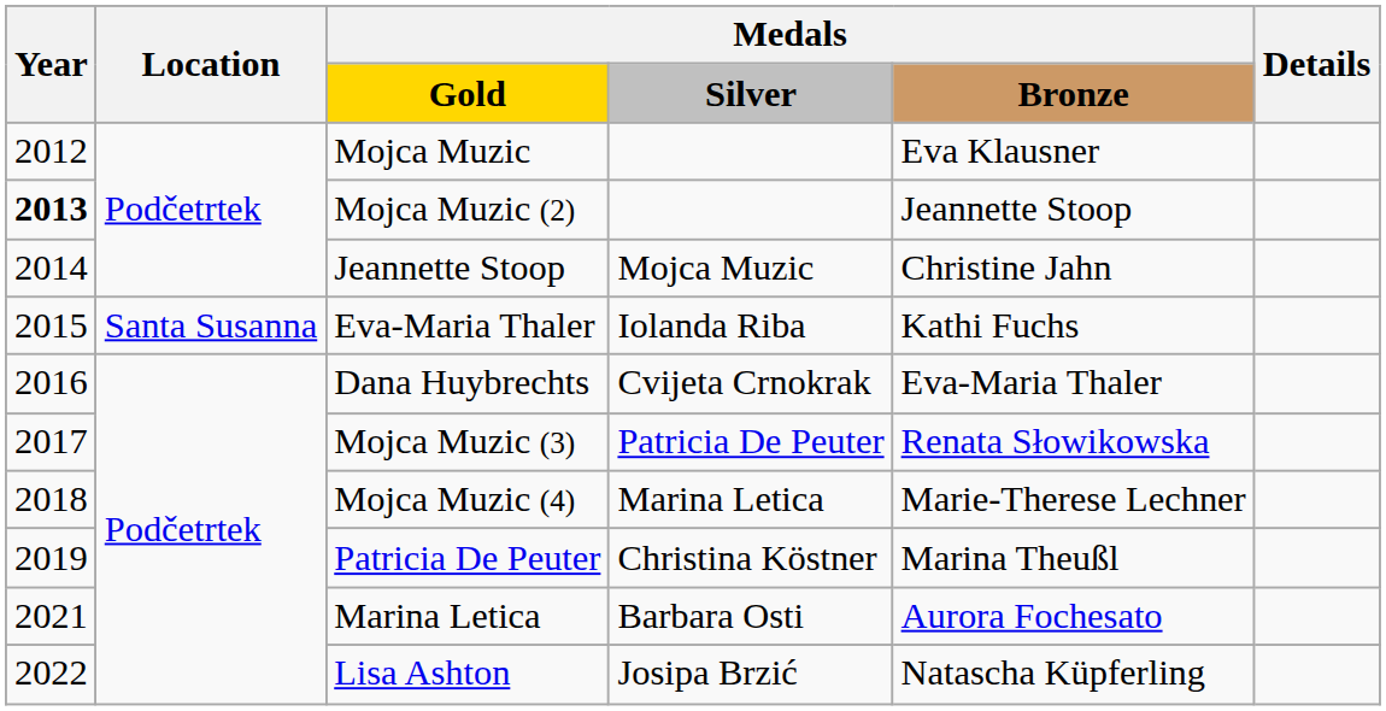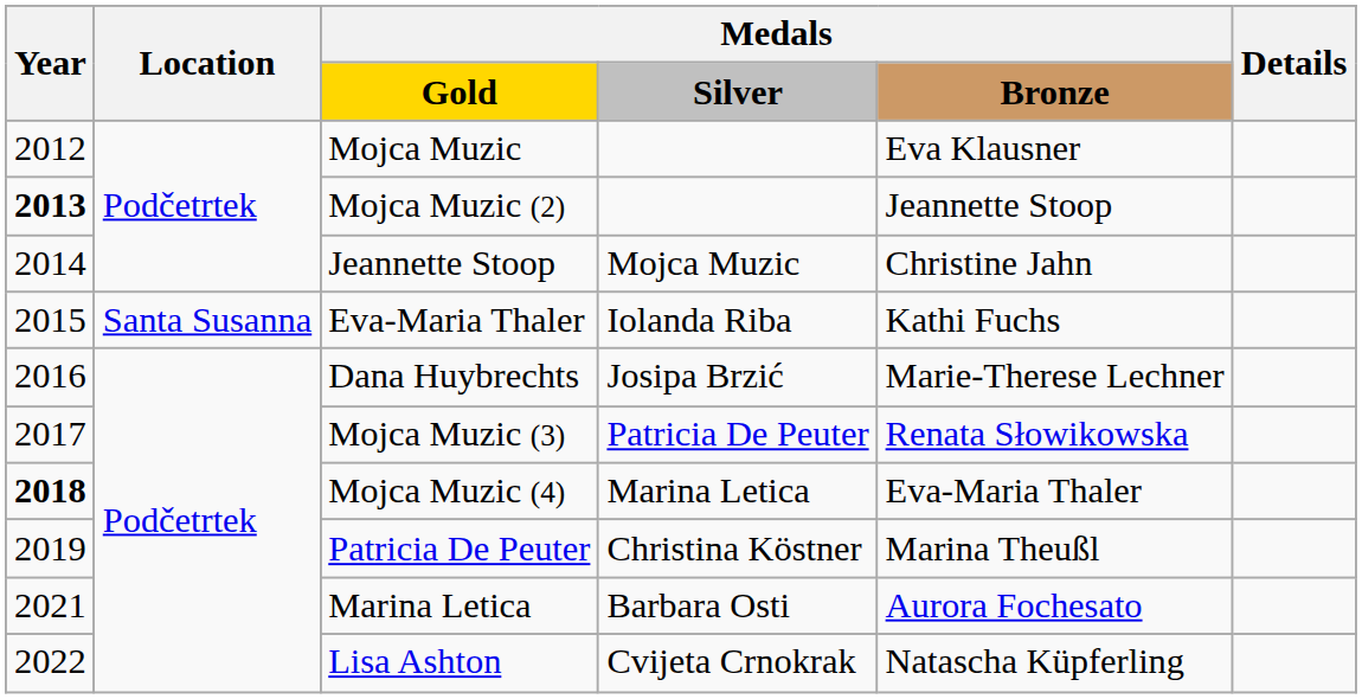 <table class="wikitable">
 <tr>
 <th rowspan="2">Year</th>
 <th rowspan="2">Location</th>
 <th colspan="3">Medals</th>
 <th rowspan="2">Details</th>
 </tr>
 <tr style="text-align:center;">
 <td bgcolor="gold"><strong>Gold</strong></td>
 <td bgcolor="silver"><strong>Silver</strong></td>
 <td bgcolor="cc9966"><strong>Bronze</strong></td>
 </tr>
 <tr>
 <td>2012</td>
 <td rowspan="3"> <a href='#'>Podčetrtek</a></td>
 <td> Mojca Muzic</td>
 <td></td>
 <td> Eva Klausner</td>
 <td></td>
 </tr>
 <tr>
 <td><strong>2013</strong></td>
 <td> Mojca Muzic <small>(2)</small></td>
 <td></td>
 <td> Jeannette Stoop</td>
 <td></td>
 </tr>
 <tr>
 <td>2014</td>
 <td> Jeannette Stoop</td>
 <td> Mojca Muzic</td>
 <td> Christine Jahn</td>
 <td></td>
 </tr>
 <tr>
 <td>2015</td>
 <td> <a href='#'>Santa Susanna</a></td>
 <td> Eva-Maria Thaler</td>
 <td> Iolanda Riba</td>
 <td> Kathi Fuchs</td>
 <td></td>
 </tr>
 <tr>
 <td>2016</td>
 <td rowspan="6"> <a href='#'>Podčetrtek</a></td>
 <td> Dana Huybrechts</td>
-<td> Cvijeta Crnokrak</td>
-<td> Eva-Maria Thaler</td>
+<td> Josipa Brzić</td>
+<td> Marie-Therese Lechner</td>
 <td></td>
 </tr>
 <tr>
 <td>2017</td>
 <td> Mojca Muzic <small>(3)</small></td>
 <td> <a href='#'>Patricia De Peuter</a></td>
 <td> <a href='#'>Renata Słowikowska</a></td>
 <td></td>
 </tr>
 <tr>
-<td>2018</td>
+<td><strong>2018</strong></td>
 <td> Mojca Muzic <small>(4)</small></td>
 <td> Marina Letica</td>
-<td> Marie-Therese Lechner</td>
+<td> Eva-Maria Thaler</td>
 <td></td>
 </tr>
 <tr>
 <td>2019</td>
 <td> <a href='#'>Patricia De Peuter</a></td>
 <td> Christina Köstner</td>
 <td> Marina Theußl</td>
 <td></td>
 </tr>
 <tr>
 <td>2021</td>
 <td> Marina Letica</td>
 <td> Barbara Osti</td>
 <td> <a href='#'>Aurora Fochesato</a></td>
 <td></td>
 </tr>
 <tr>
 <td>2022</td>
 <td> <a href='#'>Lisa Ashton</a></td>
-<td> Josipa Brzić</td>
+<td> Cvijeta Crnokrak</td>
 <td> Natascha Küpferling</td>
 <td></td>
 </tr>
 </table>
